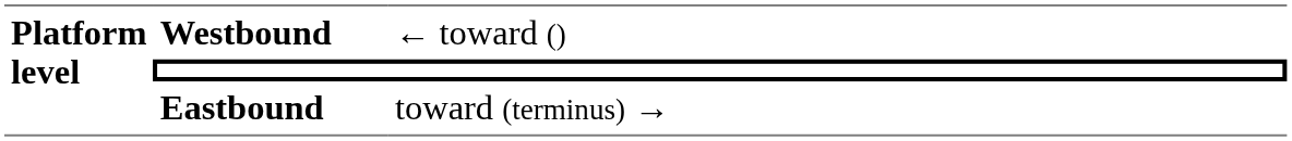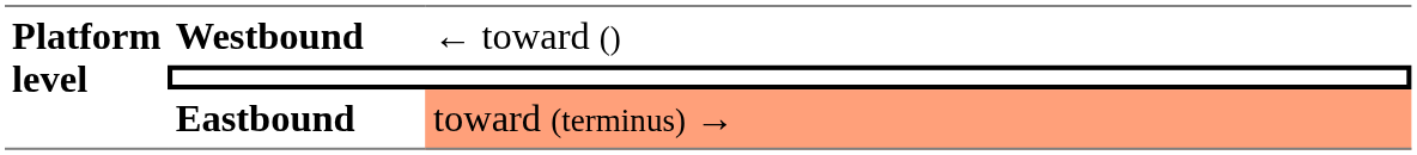 <table cellpadding="3" cellspacing="0" border="0">
 <tr>
 <td rowspan="3" width="50" style="border-top-color: gray; border-bottom-color: gray; border-top-width: 1px; border-bottom-width: 1px; border-top-style: solid; border-bottom-style: solid;" valign="top"><strong>Platform level</strong></td>
 <td width="100" style="border-top-color: gray; border-top-width: 1px; border-top-style: solid;"><strong>Westbound</strong></td>
 <td width="400" style="border-top-color: gray; border-top-width: 1px; border-top-style: solid;">←  toward  <small>()</small></td>
 </tr>
 <tr>
 <td colspan="2" style="border: 2px solid black; border-image: none; text-align: center;"></td>
 </tr>
 <tr>
 <td style="border-bottom-color: gray; border-bottom-width: 1px; border-bottom-style: solid;"><strong>Eastbound</strong></td>
-<td style="border-bottom-color: gray; border-bottom-width: 1px; border-bottom-style: solid;"> toward  <small>(terminus)</small> →</td>
+<td style="background: lightsalmon; border-bottom-color: gray; border-bottom-width: 1px; border-bottom-style: solid;"> toward  <small>(terminus)</small> →</td>
 </tr>
 </table>
